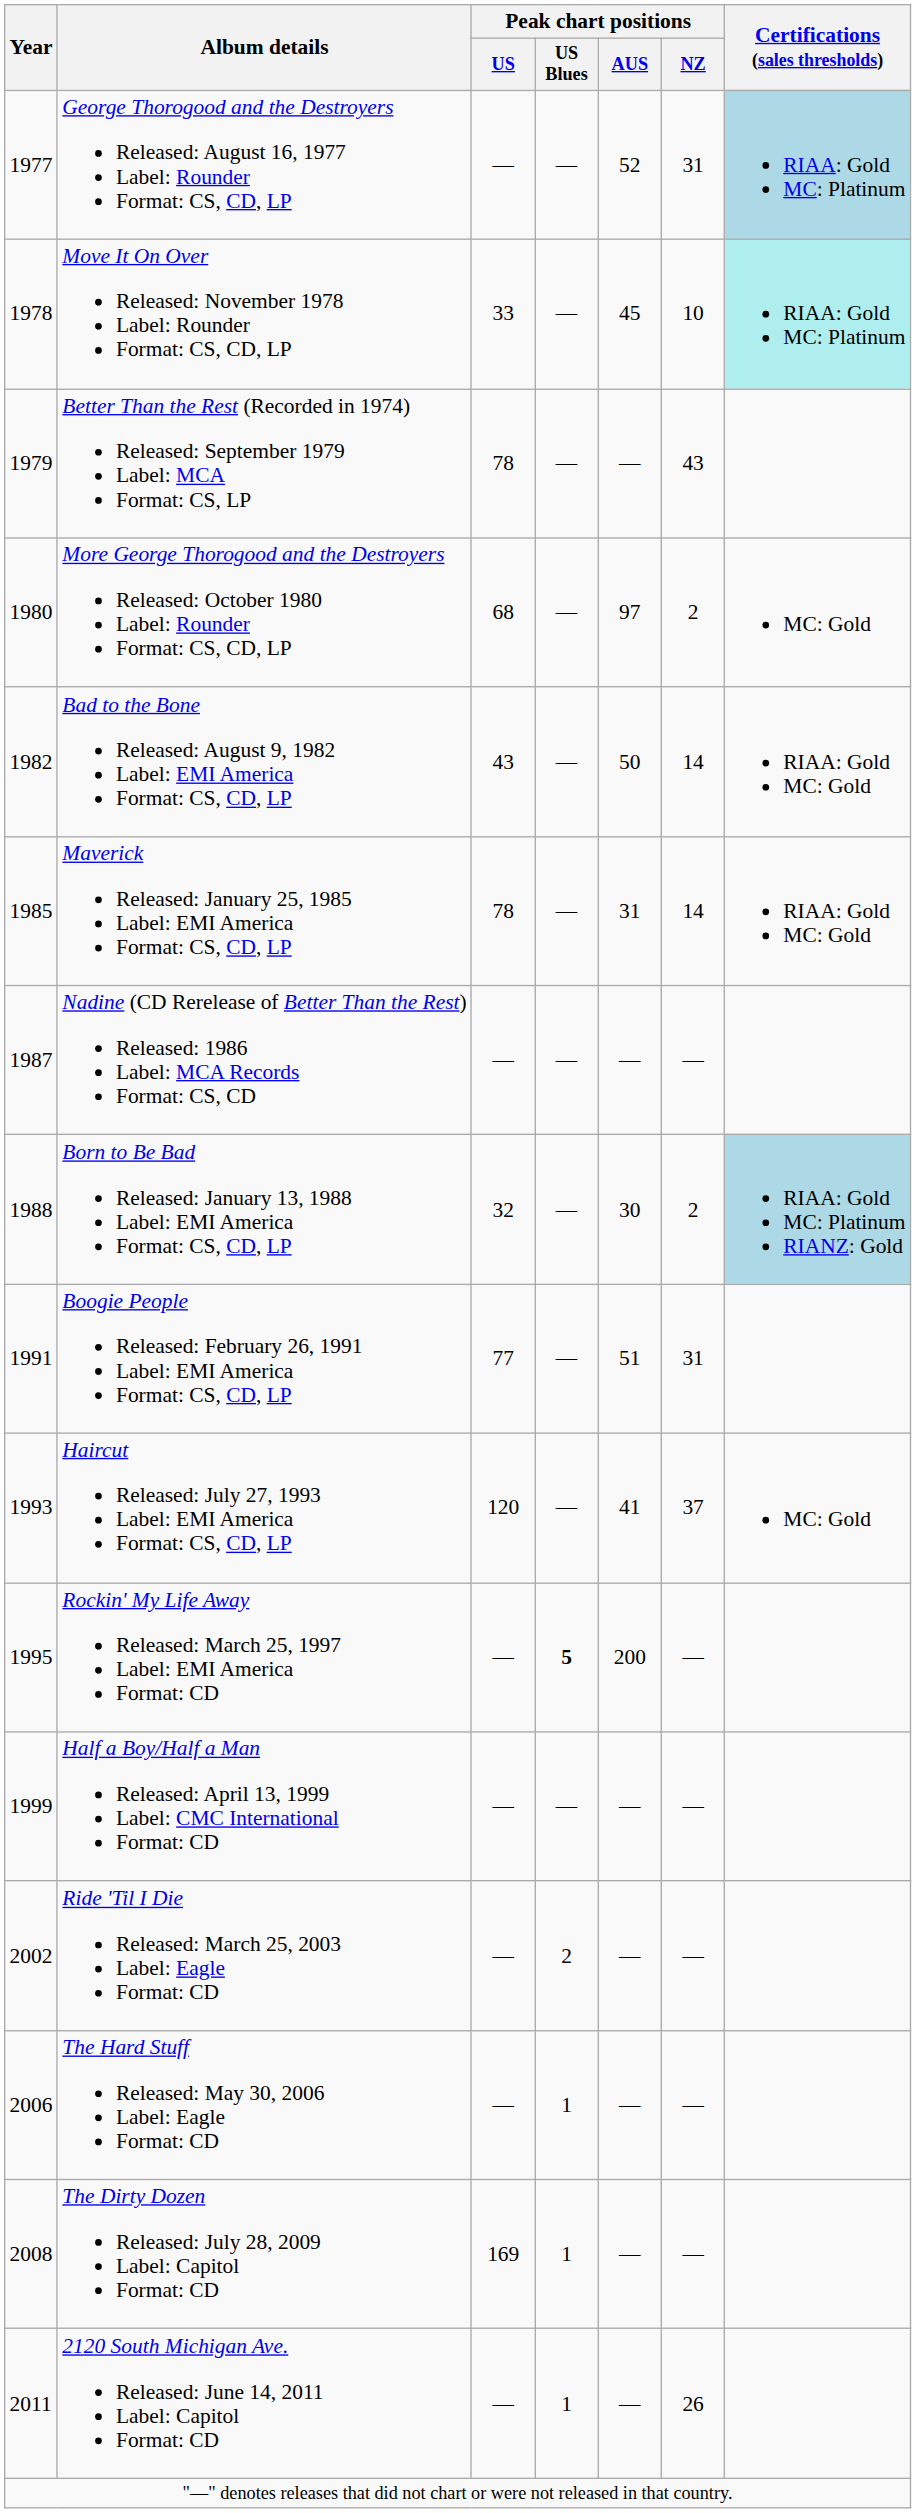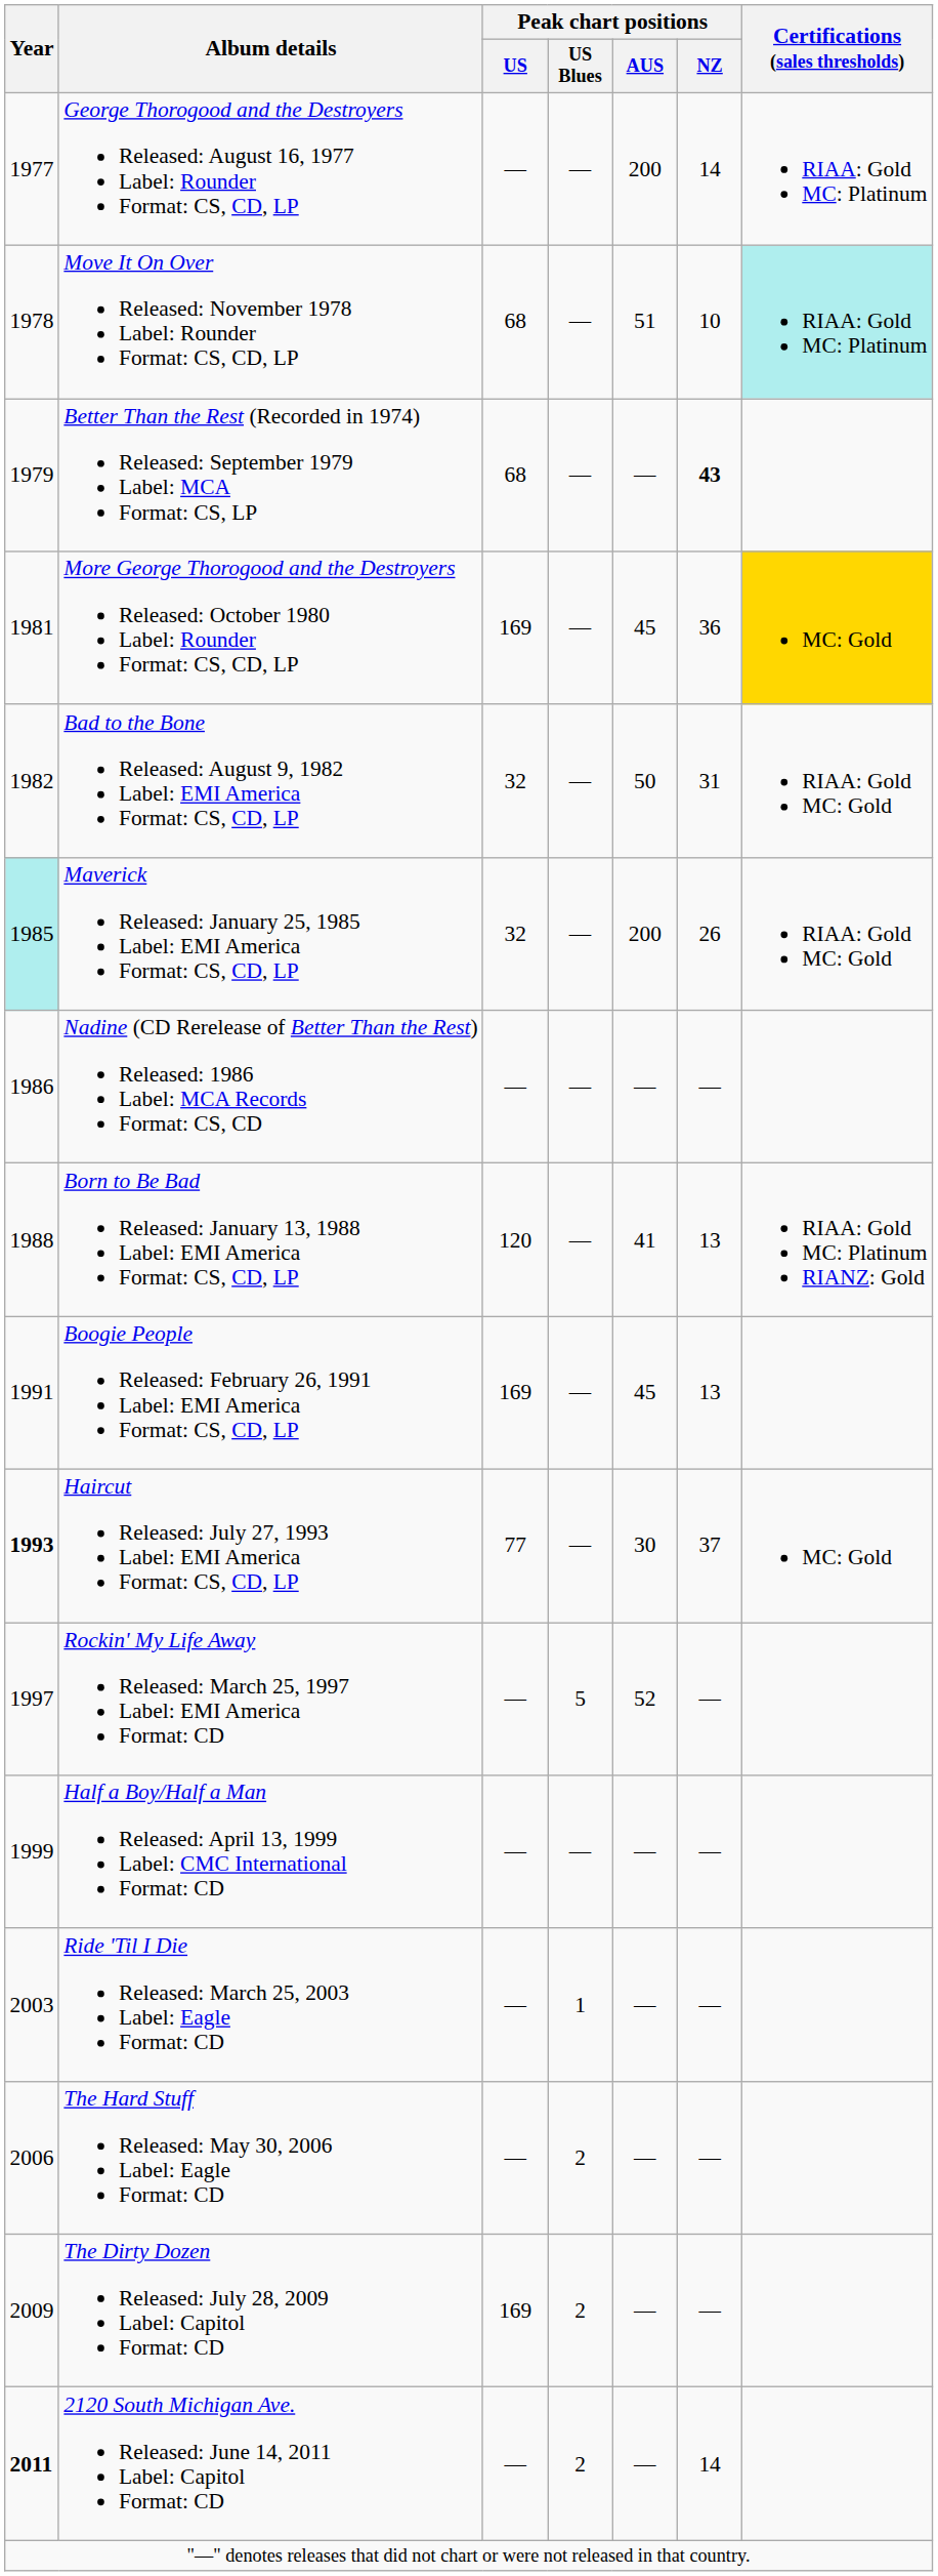 <table class="wikitable">
 <tr>
 <th rowspan="2">Year</th>
 <th rowspan="2">Album details</th>
 <th colspan="4">Peak chart positions</th>
 <th rowspan="2"><a href='#'>Certifications</a><br><small>(<a href='#'>sales thresholds</a>)</small></th>
 </tr>
 <tr>
 <th scope="col" style="width:3em;font-size:85%;"><a href='#'>US</a><br></th>
 <th scope="col" style="width:3em;font-size:85%;">US Blues<br></th>
 <th scope="col" style="width:3em;font-size:85%;"><a href='#'>AUS</a><br></th>
 <th scope="col" style="width:3em;font-size:85%;"><a href='#'>NZ</a><br></th>
 </tr>
 <tr>
 <td>1977</td>
 <td><em><a href='#'>George Thorogood and the Destroyers</a></em><br><ul><li>Released: August 16, 1977</li><li>Label: <a href='#'>Rounder</a></li><li>Format: CS, <a href='#'>CD</a>, <a href='#'>LP</a></li></ul></td>
 <td style="text-align:center;">—</td>
 <td style="text-align:center;">—</td>
-<td style="text-align:center;">52</td>
-<td style="text-align:center;">31</td>
-<td style="background: lightblue;"><br><ul><li><a href='#'>RIAA</a>: Gold</li><li><a href='#'>MC</a>: Platinum</li></ul></td>
+<td style="text-align:center;">200</td>
+<td style="text-align:center;">14</td>
+<td><br><ul><li><a href='#'>RIAA</a>: Gold</li><li><a href='#'>MC</a>: Platinum</li></ul></td>
 </tr>
 <tr>
 <td>1978</td>
 <td><em><a href='#'>Move It On Over</a></em><br><ul><li>Released: November 1978</li><li>Label: Rounder</li><li>Format: CS, CD, LP</li></ul></td>
-<td style="text-align:center;">33</td>
+<td style="text-align:center;">68</td>
 <td style="text-align:center;">—</td>
-<td style="text-align:center;">45</td>
+<td style="text-align:center;">51</td>
 <td style="text-align:center;">10</td>
 <td style="background: paleturquoise;"><br><ul><li>RIAA: Gold</li><li>MC: Platinum</li></ul></td>
 </tr>
 <tr>
 <td>1979</td>
 <td><em><a href='#'>Better Than the Rest</a></em> (Recorded in 1974)<br><ul><li>Released: September 1979</li><li>Label: <a href='#'>MCA</a></li><li>Format: CS, LP</li></ul></td>
-<td style="text-align:center;">78</td>
+<td style="text-align:center;">68</td>
 <td style="text-align:center;">—</td>
 <td style="text-align:center;">—</td>
-<td style="text-align:center;">43</td>
+<td style="text-align:center;"><strong>43</strong></td>
 <td></td>
 </tr>
 <tr>
-<td>1980</td>
+<td>1981</td>
 <td><em><a href='#'>More George Thorogood and the Destroyers</a></em><br><ul><li>Released: October 1980</li><li>Label: <a href='#'>Rounder</a></li><li>Format: CS, CD, LP</li></ul></td>
-<td style="text-align:center;">68</td>
+<td style="text-align:center;">169</td>
 <td style="text-align:center;">—</td>
-<td style="text-align:center;">97</td>
-<td style="text-align:center;">2</td>
-<td><br><ul><li>MC: Gold</li></ul></td>
+<td style="text-align:center;">45</td>
+<td style="text-align:center;">36</td>
+<td style="background: gold;"><br><ul><li>MC: Gold</li></ul></td>
 </tr>
 <tr>
 <td>1982</td>
 <td><em><a href='#'>Bad to the Bone</a></em><br><ul><li>Released: August 9, 1982</li><li>Label: <a href='#'>EMI America</a></li><li>Format: CS, <a href='#'>CD</a>, <a href='#'>LP</a></li></ul></td>
-<td style="text-align:center;">43</td>
+<td style="text-align:center;">32</td>
 <td style="text-align:center;">—</td>
 <td style="text-align:center;">50</td>
-<td style="text-align:center;">14</td>
+<td style="text-align:center;">31</td>
 <td><br><ul><li>RIAA: Gold</li><li>MC: Gold</li></ul></td>
 </tr>
 <tr>
-<td>1985</td>
+<td style="background: paleturquoise;">1985</td>
 <td><em><a href='#'>Maverick</a></em><br><ul><li>Released: January 25, 1985</li><li>Label: EMI America</li><li>Format: CS, <a href='#'>CD</a>, <a href='#'>LP</a></li></ul></td>
-<td style="text-align:center;">78</td>
+<td style="text-align:center;">32</td>
 <td style="text-align:center;">—</td>
-<td style="text-align:center;">31</td>
-<td style="text-align:center;">14</td>
+<td style="text-align:center;">200</td>
+<td style="text-align:center;">26</td>
 <td><br><ul><li>RIAA: Gold</li><li>MC: Gold</li></ul></td>
 </tr>
 <tr>
-<td>1987</td>
+<td>1986</td>
 <td><em><a href='#'>Nadine</a></em> (CD Rerelease of <em><a href='#'>Better Than the Rest</a></em>)<br><ul><li>Released: 1986</li><li>Label: <a href='#'>MCA Records</a></li><li>Format: CS, CD</li></ul></td>
 <td style="text-align:center;">—</td>
 <td style="text-align:center;">—</td>
 <td style="text-align:center;">—</td>
 <td style="text-align:center;">—</td>
 <td></td>
 </tr>
 <tr>
 <td>1988</td>
 <td><em><a href='#'>Born to Be Bad</a></em><br><ul><li>Released: January 13, 1988</li><li>Label: EMI America</li><li>Format: CS, <a href='#'>CD</a>, <a href='#'>LP</a></li></ul></td>
-<td style="text-align:center;">32</td>
+<td style="text-align:center;">120</td>
 <td style="text-align:center;">—</td>
-<td style="text-align:center;">30</td>
-<td style="text-align:center;">2</td>
-<td style="background: lightblue;"><br><ul><li>RIAA: Gold</li><li>MC: Platinum</li><li><a href='#'>RIANZ</a>: Gold</li></ul></td>
+<td style="text-align:center;">41</td>
+<td style="text-align:center;">13</td>
+<td><br><ul><li>RIAA: Gold</li><li>MC: Platinum</li><li><a href='#'>RIANZ</a>: Gold</li></ul></td>
 </tr>
 <tr>
 <td>1991</td>
 <td><em><a href='#'>Boogie People</a></em><br><ul><li>Released: February 26, 1991</li><li>Label: EMI America</li><li>Format: CS, <a href='#'>CD</a>, <a href='#'>LP</a></li></ul></td>
-<td style="text-align:center;">77</td>
+<td style="text-align:center;">169</td>
 <td style="text-align:center;">—</td>
-<td style="text-align:center;">51</td>
-<td style="text-align:center;">31</td>
+<td style="text-align:center;">45</td>
+<td style="text-align:center;">13</td>
 <td></td>
 </tr>
 <tr>
-<td>1993</td>
+<td><strong>1993</strong></td>
 <td><em><a href='#'>Haircut</a></em><br><ul><li>Released: July 27, 1993</li><li>Label: EMI America</li><li>Format: CS, <a href='#'>CD</a>, <a href='#'>LP</a></li></ul></td>
-<td style="text-align:center;">120</td>
+<td style="text-align:center;">77</td>
 <td style="text-align:center;">—</td>
-<td style="text-align:center;">41</td>
+<td style="text-align:center;">30</td>
 <td style="text-align:center;">37</td>
 <td><br><ul><li>MC: Gold</li></ul></td>
 </tr>
 <tr>
-<td>1995</td>
+<td>1997</td>
 <td><em><a href='#'>Rockin' My Life Away</a></em><br><ul><li>Released: March 25, 1997</li><li>Label: EMI America</li><li>Format: CD</li></ul></td>
 <td style="text-align:center;">—</td>
-<td style="text-align:center;"><strong>5</strong></td>
-<td style="text-align:center;">200</td>
+<td style="text-align:center;">5</td>
+<td style="text-align:center;">52</td>
 <td style="text-align:center;">—</td>
 <td></td>
 </tr>
 <tr>
 <td>1999</td>
 <td><em><a href='#'>Half a Boy/Half a Man</a></em><br><ul><li>Released: April 13, 1999</li><li>Label: <a href='#'>CMC International</a></li><li>Format: CD</li></ul></td>
 <td style="text-align:center;">—</td>
 <td style="text-align:center;">—</td>
 <td style="text-align:center;">—</td>
 <td style="text-align:center;">—</td>
 <td></td>
 </tr>
 <tr>
-<td>2002</td>
+<td>2003</td>
 <td><em><a href='#'>Ride 'Til I Die</a></em><br><ul><li>Released: March 25, 2003</li><li>Label: <a href='#'>Eagle</a></li><li>Format: CD</li></ul></td>
 <td style="text-align:center;">—</td>
-<td style="text-align:center;">2</td>
+<td style="text-align:center;">1</td>
 <td style="text-align:center;">—</td>
 <td style="text-align:center;">—</td>
 <td></td>
 </tr>
 <tr>
 <td>2006</td>
 <td><em><a href='#'>The Hard Stuff</a></em><br><ul><li>Released: May 30, 2006</li><li>Label: Eagle</li><li>Format: CD</li></ul></td>
 <td style="text-align:center;">—</td>
-<td style="text-align:center;">1</td>
+<td style="text-align:center;">2</td>
 <td style="text-align:center;">—</td>
 <td style="text-align:center;">—</td>
 <td></td>
 </tr>
 <tr>
-<td>2008</td>
+<td>2009</td>
 <td><em><a href='#'>The Dirty Dozen</a></em><br><ul><li>Released: July 28, 2009</li><li>Label: Capitol</li><li>Format: CD</li></ul></td>
 <td style="text-align:center;">169</td>
-<td style="text-align:center;">1</td>
+<td style="text-align:center;">2</td>
 <td style="text-align:center;">—</td>
 <td style="text-align:center;">—</td>
 <td></td>
 </tr>
 <tr>
-<td>2011</td>
+<td><strong>2011</strong></td>
 <td><em><a href='#'>2120 South Michigan Ave.</a></em><br><ul><li>Released: June 14, 2011</li><li>Label: Capitol</li><li>Format: CD</li></ul></td>
 <td style="text-align:center;">—</td>
-<td style="text-align:center;">1</td>
+<td style="text-align:center;">2</td>
 <td style="text-align:center;">—</td>
-<td style="text-align:center;">26</td>
+<td style="text-align:center;">14</td>
 <td></td>
 </tr>
 <tr>
 <td colspan="8"  style="text-align:center; font-size:85%;">"—" denotes releases that did not chart or were not released in that country.</td>
 </tr>
 </table>
